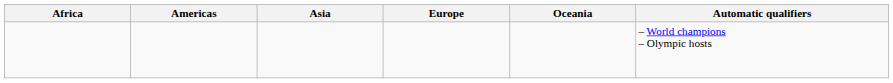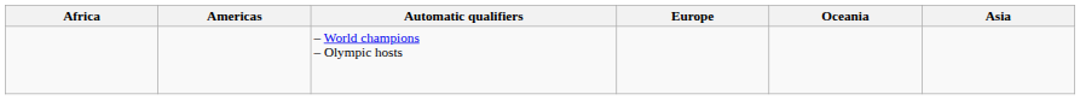 <table class=wikitable width=100%>
 <tr>
 <th width=13%>Africa</th>
 <th width=13%>Americas</th>
-<th width=13%>Asia</th>
+<th width=26%>Automatic qualifiers</th>
 <th width=13%>Europe</th>
 <th width=13%>Oceania</th>
-<th width=26%>Automatic qualifiers</th>
+<th width=13%>Asia</th>
 </tr>
 <tr valign=top>
 <td></td>
 <td><br></td>
-<td></td>
+<td> – <a href='#'>World champions</a><br> – Olympic hosts</td>
 <td><br><br><em></em> <br><em></em><br> <em></em></td>
 <td></td>
-<td> – <a href='#'>World champions</a><br> – Olympic hosts</td>
+<td></td>
 </tr>
 </table>
